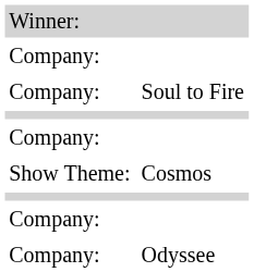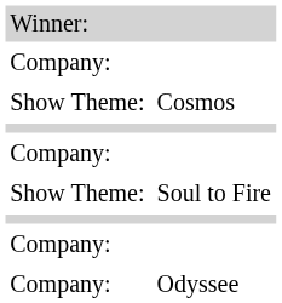 <table border="0" cellpadding="3">
 <tr>
 <td colspan="2" style="background:lightgrey;">Winner: </td>
-</tr>
-<tr>
-<td>Company:</td>
-<td></td>
-</tr>
-<tr>
-<td>Company:</td>
-<td>Soul to Fire</td>
-</tr>
-<tr>
-<td colspan="2" style="background:lightgrey;"></td>
 </tr>
 <tr>
 <td>Company:</td>
 <td></td>
 </tr>
 <tr>
 <td>Show Theme:</td>
 <td>Cosmos</td>
 </tr>
 <tr>
 <td colspan="2" style="background:lightgrey;"></td>
 </tr>
 <tr>
 <td>Company:</td>
 <td></td>
 </tr>
 <tr>
+<td>Show Theme:</td>
+<td>Soul to Fire</td>
+</tr>
+<tr>
+<td colspan="2" style="background:lightgrey;"></td>
+</tr>
+<tr>
+<td>Company:</td>
+<td></td>
+</tr>
+<tr>
 <td>Company:</td>
 <td>Odyssee</td>
 </tr>
 </table>
